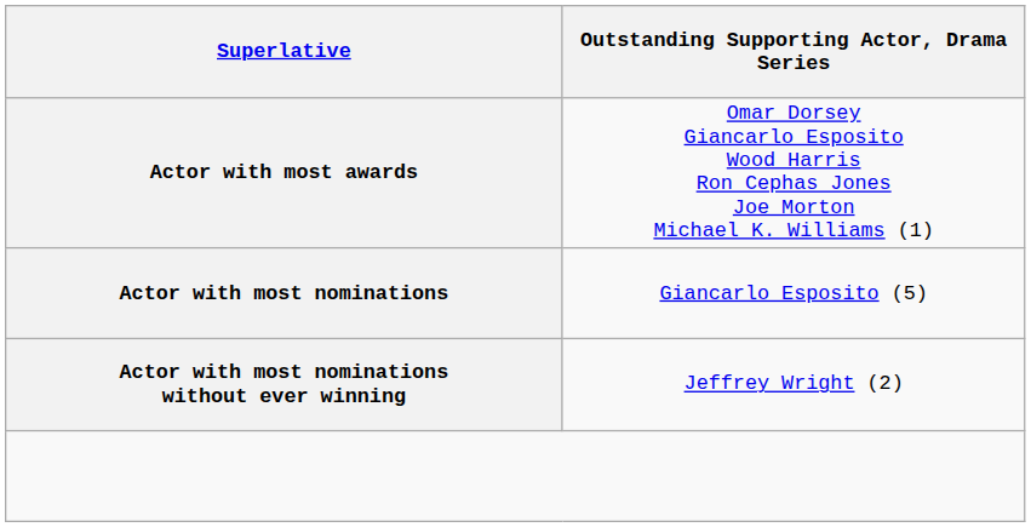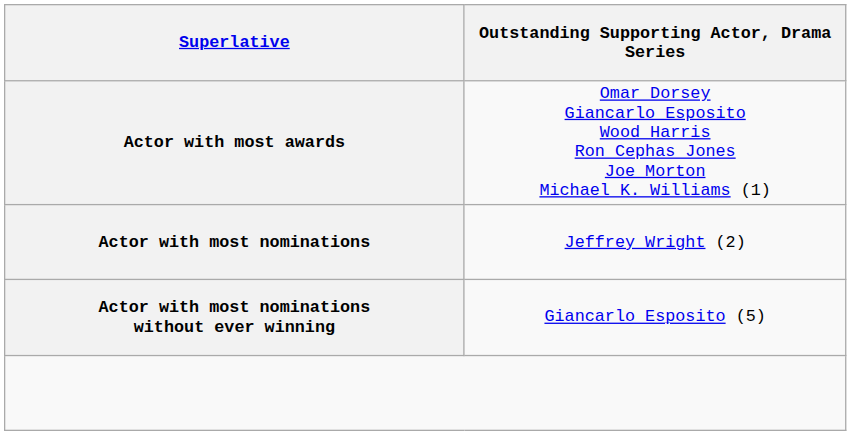 <table class="wikitable" style="text-align: center">
 <tr style="height:4.5em;">
 <th width="350"><strong><a href='#'>Superlative</a></strong></th>
 <th colspan="2" width="290"><strong> Outstanding Supporting Actor, Drama Series</strong></th>
 </tr>
 <tr style="height:4.5em;">
 <th width="350">Actor with most awards</th>
 <td><a href='#'>Omar Dorsey</a><br><a href='#'>Giancarlo Esposito</a><br><a href='#'>Wood Harris</a><br><a href='#'>Ron Cephas Jones</a><br><a href='#'>Joe Morton</a><br><a href='#'>Michael K. Williams</a> (1)</td>
 </tr>
 <tr style="height:4.5em;">
 <th>Actor with most nominations</th>
-<td><a href='#'>Giancarlo Esposito</a> (5)</td>
+<td><a href='#'>Jeffrey Wright</a> (2)</td>
 </tr>
 <tr style="height:4.5em;">
 <th>Actor with most nominations <br> without ever winning</th>
-<td><a href='#'>Jeffrey Wright</a> (2)</td>
+<td><a href='#'>Giancarlo Esposito</a> (5)</td>
 </tr>
 <tr style="height:4.5em;">
 </tr>
 </table>
